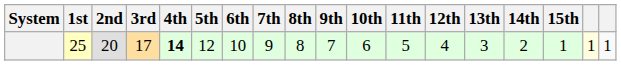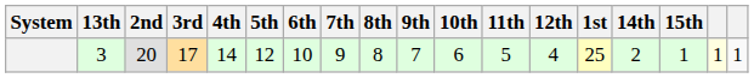 <table class="wikitable" style="font-size:85%; text-align:center;">
 <tr>
 <th>System</th>
-<th>1st</th>
+<th>13th</th>
 <th>2nd</th>
 <th>3rd</th>
 <th>4th</th>
 <th>5th</th>
 <th>6th</th>
 <th>7th</th>
 <th>8th</th>
 <th>9th</th>
 <th>10th</th>
 <th>11th</th>
 <th>12th</th>
-<th>13th</th>
+<th>1st</th>
 <th>14th</th>
 <th>15th</th>
 <th></th>
 <th></th>
 </tr>
 <tr>
 <th></th>
-<td style="background:#ffffbf;">25</td>
+<td style="background:#dfffdf;">3</td>
 <td style="background:#dfdfdf;">20</td>
 <td style="background:#ffdf9f;">17</td>
-<td style="background:#dfffdf;"><strong>14</strong></td>
+<td style="background:#dfffdf;">14</td>
 <td style="background:#dfffdf;">12</td>
 <td style="background:#dfffdf;">10</td>
 <td style="background:#dfffdf;">9</td>
 <td style="background:#dfffdf;">8</td>
 <td style="background:#dfffdf;">7</td>
 <td style="background:#dfffdf;">6</td>
 <td style="background:#dfffdf;">5</td>
 <td style="background:#dfffdf;">4</td>
-<td style="background:#dfffdf;">3</td>
+<td style="background:#ffffbf;">25</td>
 <td style="background:#dfffdf;">2</td>
 <td style="background:#dfffdf;">1</td>
 <td style="background: lightyellow;">1</td>
 <td>1</td>
 </tr>
 </table>
